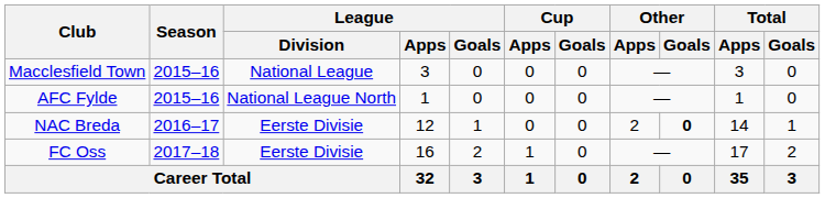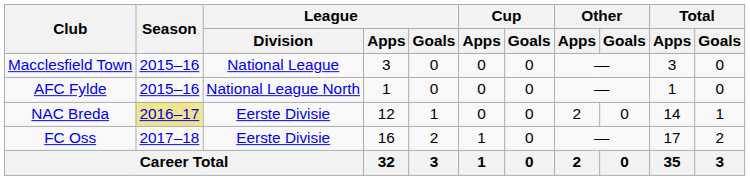 <table class="wikitable" style="text-align: center;">
 <tr>
 <th rowspan="2">Club</th>
 <th rowspan="2">Season</th>
 <th colspan="3">League</th>
 <th colspan="2">Cup</th>
 <th colspan="2">Other</th>
 <th colspan="2">Total</th>
 </tr>
 <tr>
 <th>Division</th>
 <th>Apps</th>
 <th>Goals</th>
 <th>Apps</th>
 <th>Goals</th>
 <th>Apps</th>
 <th>Goals</th>
 <th>Apps</th>
 <th>Goals</th>
 </tr>
 <tr>
 <td><a href='#'>Macclesfield Town</a></td>
 <td><a href='#'>2015–16</a></td>
 <td><a href='#'>National League</a></td>
 <td>3</td>
 <td>0</td>
 <td>0</td>
 <td>0</td>
 <td colspan="2">—</td>
 <td>3</td>
 <td>0</td>
 </tr>
 <tr>
 <td><a href='#'>AFC Fylde</a></td>
 <td><a href='#'>2015–16</a></td>
 <td><a href='#'>National League North</a></td>
 <td>1</td>
 <td>0</td>
 <td>0</td>
 <td>0</td>
 <td colspan="2">—</td>
 <td>1</td>
 <td>0</td>
 </tr>
 <tr>
 <td><a href='#'>NAC Breda</a></td>
-<td><a href='#'>2016–17</a></td>
+<td style="background: khaki;"><a href='#'>2016–17</a></td>
 <td><a href='#'>Eerste Divisie</a></td>
 <td>12</td>
 <td>1</td>
 <td>0</td>
 <td>0</td>
 <td>2</td>
-<td><strong>0</strong></td>
+<td>0</td>
 <td>14</td>
 <td>1</td>
 </tr>
 <tr>
 <td><a href='#'>FC Oss</a></td>
 <td><a href='#'>2017–18</a></td>
 <td><a href='#'>Eerste Divisie</a></td>
 <td>16</td>
 <td>2</td>
 <td>1</td>
 <td>0</td>
 <td colspan="2">—</td>
 <td>17</td>
 <td>2</td>
 </tr>
 <tr>
 <th colspan="3">Career Total</th>
 <th>32</th>
 <th>3</th>
 <th>1</th>
 <th>0</th>
 <th>2</th>
 <th>0</th>
 <th>35</th>
 <th>3</th>
 </tr>
 </table>
